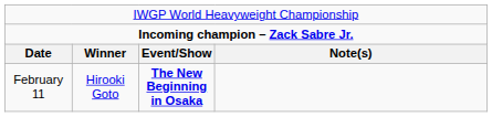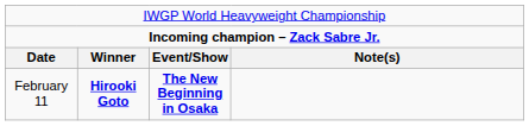 <table class="wikitable" style="text-align:center; width:100%;">
 <tr>
 <td colspan="4" style="text-align: center;"><a href='#'>IWGP World Heavyweight Championship</a></td>
 </tr>
 <tr>
 <td colspan="4" style="text-align: center;"><strong>Incoming champion – <a href='#'>Zack Sabre Jr.</a></strong></td>
 </tr>
 <tr>
 <th width=14%>Date</th>
 <th width=14%>Winner</th>
 <th width=14%>Event/Show</th>
 <th width=58%>Note(s)</th>
 </tr>
 <tr>
 <td>February 11</td>
-<td><a href='#'>Hirooki Goto</a></td>
+<td><strong><a href='#'>Hirooki Goto</a></strong></td>
 <td><strong><a href='#'>The New Beginning in Osaka</a></strong></td>
 <td></td>
 </tr>
 </table>
